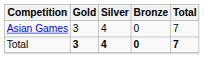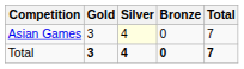 <table class="wikitable sortable">
 <tr>
 <th>Competition</th>
 <th>Gold</th>
 <th>Silver</th>
 <th>Bronze</th>
 <th>Total</th>
 </tr>
 <tr>
 <td><a href='#'>Asian Games</a></td>
 <td>3</td>
-<td>4</td>
+<td style="background: lightyellow;">4</td>
 <td>0</td>
 <td>7</td>
 </tr>
 <tr>
 <td>Total</td>
 <td><strong>3</strong></td>
 <td><strong>4</strong></td>
 <td><strong>0</strong></td>
 <td><strong>7</strong></td>
 </tr>
 <tr>
 </tr>
 </table>
